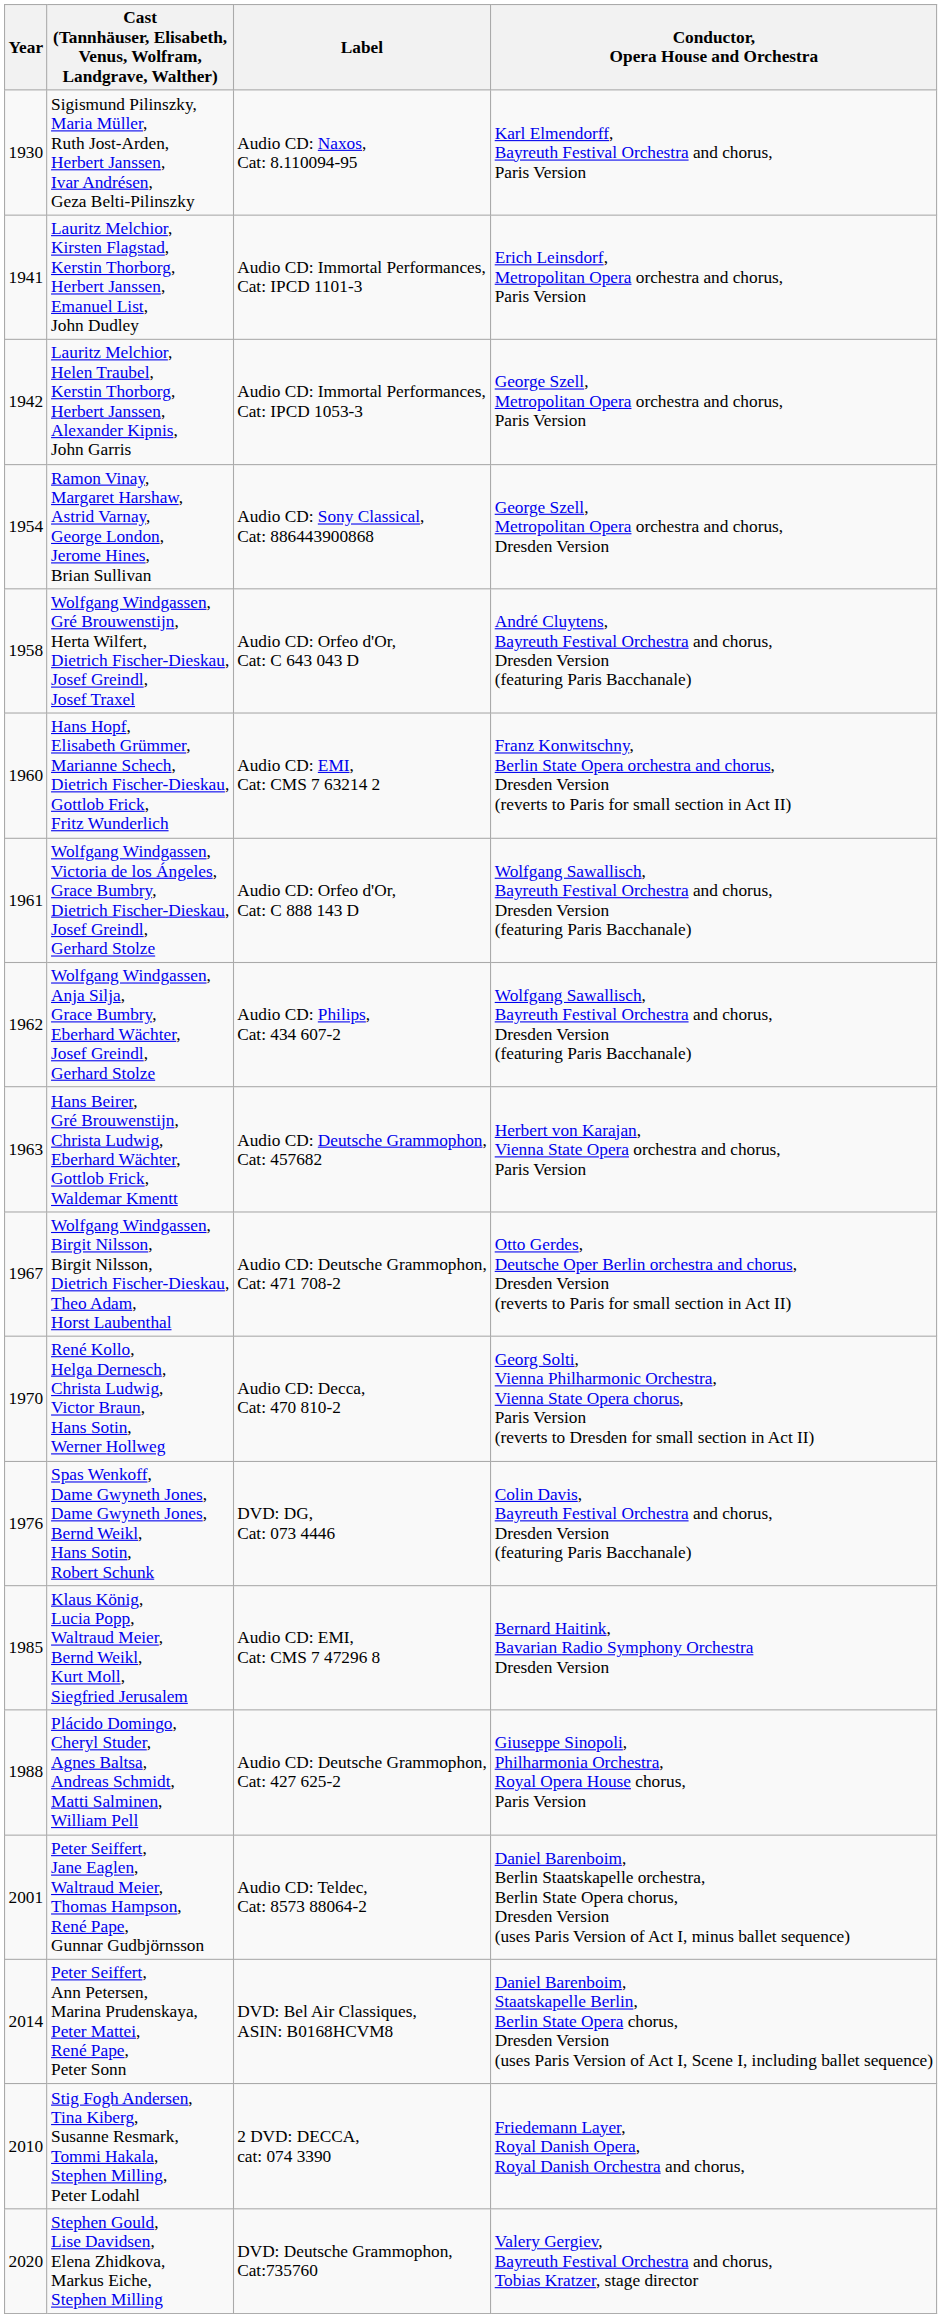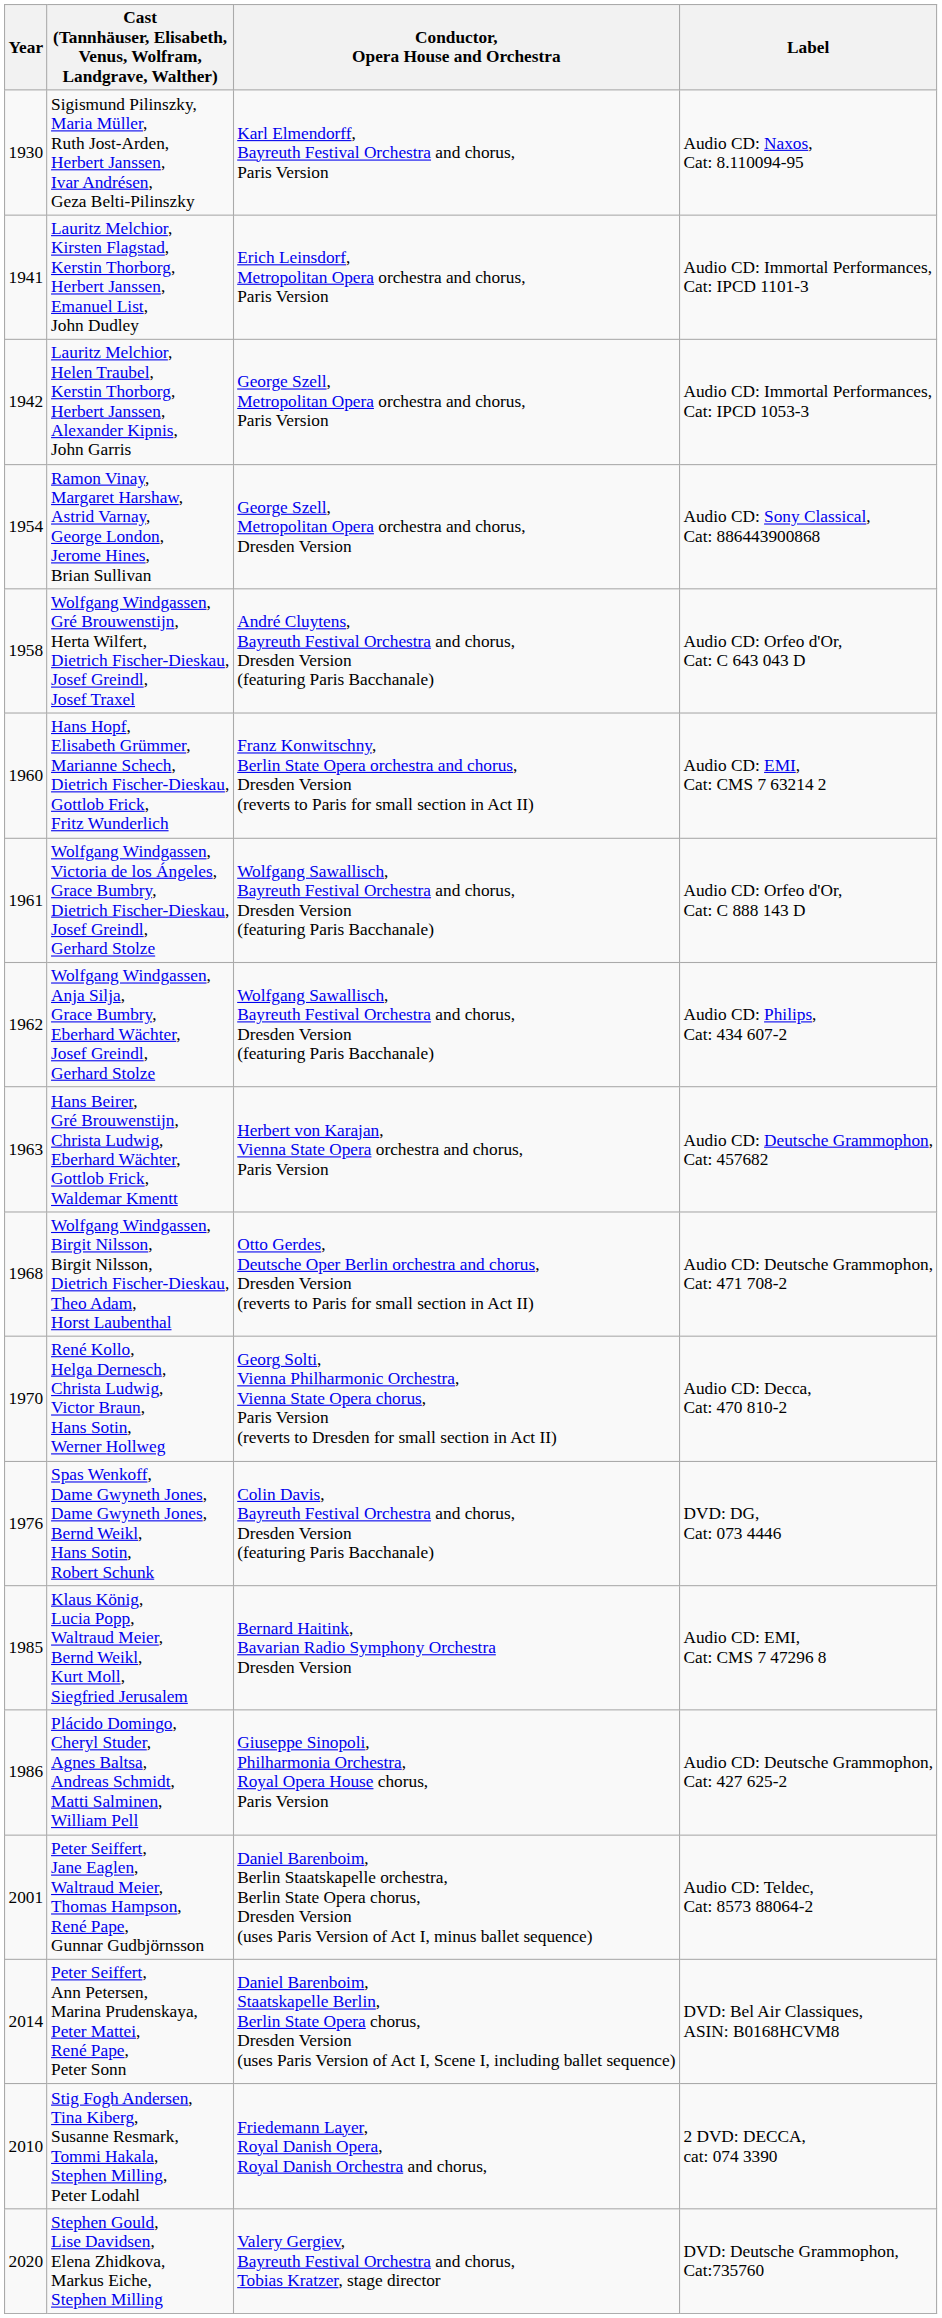 <table class="wikitable">
 <tr>
 <th>Year</th>
 <th>Cast<br>(Tannhäuser, Elisabeth,<br>Venus, Wolfram,<br>Landgrave, Walther)</th>
+<th>Conductor,<br>Opera House and Orchestra</th>
 <th>Label</th>
-<th>Conductor,<br>Opera House and Orchestra</th>
 </tr>
 <tr>
 <td>1930</td>
 <td>Sigismund Pilinszky,<br><a href='#'>Maria Müller</a>,<br>Ruth Jost-Arden,<br><a href='#'>Herbert Janssen</a>,<br><a href='#'>Ivar Andrésen</a>,<br>Geza Belti-Pilinszky</td>
+<td><a href='#'>Karl Elmendorff</a>,<br><a href='#'>Bayreuth Festival Orchestra</a> and chorus,<br>Paris Version</td>
 <td>Audio CD: <a href='#'>Naxos</a>,<br>Cat: 8.110094-95</td>
-<td><a href='#'>Karl Elmendorff</a>,<br><a href='#'>Bayreuth Festival Orchestra</a> and chorus,<br>Paris Version</td>
 </tr>
 <tr>
 <td>1941</td>
 <td><a href='#'>Lauritz Melchior</a>,<br><a href='#'>Kirsten Flagstad</a>,<br><a href='#'>Kerstin Thorborg</a>,<br><a href='#'>Herbert Janssen</a>,<br><a href='#'>Emanuel List</a>,<br>John Dudley</td>
+<td><a href='#'>Erich Leinsdorf</a>,<br><a href='#'>Metropolitan Opera</a> orchestra and chorus,<br>Paris Version</td>
 <td>Audio CD: Immortal Performances,<br>Cat: IPCD 1101-3</td>
-<td><a href='#'>Erich Leinsdorf</a>,<br><a href='#'>Metropolitan Opera</a> orchestra and chorus,<br>Paris Version</td>
 </tr>
 <tr>
 <td>1942</td>
 <td><a href='#'>Lauritz Melchior</a>,<br><a href='#'>Helen Traubel</a>,<br><a href='#'>Kerstin Thorborg</a>,<br><a href='#'>Herbert Janssen</a>,<br><a href='#'>Alexander Kipnis</a>,<br>John Garris</td>
+<td><a href='#'>George Szell</a>,<br><a href='#'>Metropolitan Opera</a> orchestra and chorus,<br>Paris Version</td>
 <td>Audio CD: Immortal Performances,<br>Cat: IPCD 1053-3</td>
-<td><a href='#'>George Szell</a>,<br><a href='#'>Metropolitan Opera</a> orchestra and chorus,<br>Paris Version</td>
 </tr>
 <tr>
 <td>1954</td>
 <td><a href='#'>Ramon Vinay</a>,<br><a href='#'>Margaret Harshaw</a>,<br><a href='#'>Astrid Varnay</a>,<br><a href='#'>George London</a>,<br><a href='#'>Jerome Hines</a>,<br>Brian Sullivan</td>
+<td><a href='#'>George Szell</a>,<br><a href='#'>Metropolitan Opera</a> orchestra and chorus,<br>Dresden Version</td>
 <td>Audio CD: <a href='#'>Sony Classical</a>,<br>Cat: 886443900868</td>
-<td><a href='#'>George Szell</a>,<br><a href='#'>Metropolitan Opera</a> orchestra and chorus,<br>Dresden Version</td>
 </tr>
 <tr>
 <td>1958</td>
 <td><a href='#'>Wolfgang Windgassen</a>,<br><a href='#'>Gré Brouwenstijn</a>,<br>Herta Wilfert,<br><a href='#'>Dietrich Fischer-Dieskau</a>,<br><a href='#'>Josef Greindl</a>,<br><a href='#'>Josef Traxel</a></td>
+<td><a href='#'>André Cluytens</a>,<br><a href='#'>Bayreuth Festival Orchestra</a> and chorus,<br>Dresden Version<br>(featuring Paris Bacchanale)</td>
 <td>Audio CD: Orfeo d'Or, <br>Cat: C 643 043 D</td>
-<td><a href='#'>André Cluytens</a>,<br><a href='#'>Bayreuth Festival Orchestra</a> and chorus,<br>Dresden Version<br>(featuring Paris Bacchanale)</td>
 </tr>
 <tr>
 <td>1960</td>
 <td><a href='#'>Hans Hopf</a>,<br><a href='#'>Elisabeth Grümmer</a>,<br><a href='#'>Marianne Schech</a>,<br><a href='#'>Dietrich Fischer-Dieskau</a>,<br> <a href='#'>Gottlob Frick</a>,<br><a href='#'>Fritz Wunderlich</a></td>
+<td><a href='#'>Franz Konwitschny</a>,<br><a href='#'>Berlin State Opera orchestra and chorus</a>,<br> Dresden Version<br>(reverts to Paris for small section in Act II)</td>
 <td>Audio CD: <a href='#'>EMI</a>,<br>Cat: CMS 7 63214 2</td>
-<td><a href='#'>Franz Konwitschny</a>,<br><a href='#'>Berlin State Opera orchestra and chorus</a>,<br> Dresden Version<br>(reverts to Paris for small section in Act II)</td>
 </tr>
 <tr>
 <td>1961</td>
 <td><a href='#'>Wolfgang Windgassen</a>,<br><a href='#'>Victoria de los Ángeles</a>,<br><a href='#'>Grace Bumbry</a>,<br><a href='#'>Dietrich Fischer-Dieskau</a>,<br><a href='#'>Josef Greindl</a>,<br><a href='#'>Gerhard Stolze</a></td>
+<td><a href='#'>Wolfgang Sawallisch</a>,<br><a href='#'>Bayreuth Festival Orchestra</a> and chorus,<br>Dresden Version<br>(featuring Paris Bacchanale)</td>
 <td>Audio CD: Orfeo d'Or,<br>Cat:  C 888 143 D</td>
-<td><a href='#'>Wolfgang Sawallisch</a>,<br><a href='#'>Bayreuth Festival Orchestra</a> and chorus,<br>Dresden Version<br>(featuring Paris Bacchanale)</td>
 </tr>
 <tr>
 <td>1962</td>
 <td><a href='#'>Wolfgang Windgassen</a>,<br><a href='#'>Anja Silja</a>,<br><a href='#'>Grace Bumbry</a>,<br><a href='#'>Eberhard Wächter</a>,<br><a href='#'>Josef Greindl</a>,<br><a href='#'>Gerhard Stolze</a></td>
+<td><a href='#'>Wolfgang Sawallisch</a>,<br><a href='#'>Bayreuth Festival Orchestra</a> and chorus,<br>Dresden Version<br>(featuring Paris Bacchanale)</td>
 <td>Audio CD: <a href='#'>Philips</a>,<br>Cat: 434 607-2</td>
-<td><a href='#'>Wolfgang Sawallisch</a>,<br><a href='#'>Bayreuth Festival Orchestra</a> and chorus,<br>Dresden Version<br>(featuring Paris Bacchanale)</td>
 </tr>
 <tr>
 <td>1963</td>
 <td><a href='#'>Hans Beirer</a>,<br><a href='#'>Gré Brouwenstijn</a>,<br><a href='#'>Christa Ludwig</a>,<br><a href='#'>Eberhard Wächter</a>,<br><a href='#'>Gottlob Frick</a>,<br><a href='#'>Waldemar Kmentt</a></td>
+<td><a href='#'>Herbert von Karajan</a>,<br><a href='#'>Vienna State Opera</a> orchestra and chorus,<br>Paris Version</td>
 <td>Audio CD: <a href='#'>Deutsche Grammophon</a>,<br>Cat: 457682</td>
-<td><a href='#'>Herbert von Karajan</a>,<br><a href='#'>Vienna State Opera</a> orchestra and chorus,<br>Paris Version</td>
 </tr>
 <tr>
-<td>1967</td>
+<td>1968</td>
 <td><a href='#'>Wolfgang Windgassen</a>,<br><a href='#'>Birgit Nilsson</a>,<br>Birgit Nilsson,<br><a href='#'>Dietrich Fischer-Dieskau</a>,<br><a href='#'>Theo Adam</a>,<br><a href='#'>Horst Laubenthal</a></td>
+<td><a href='#'>Otto Gerdes</a>,<br><a href='#'>Deutsche Oper Berlin orchestra and chorus</a>,<br>Dresden Version<br>(reverts to Paris for small section in Act II)</td>
 <td>Audio CD: Deutsche Grammophon,<br>Cat: 471 708-2</td>
-<td><a href='#'>Otto Gerdes</a>,<br><a href='#'>Deutsche Oper Berlin orchestra and chorus</a>,<br>Dresden Version<br>(reverts to Paris for small section in Act II)</td>
 </tr>
 <tr>
 <td>1970</td>
 <td><a href='#'>René Kollo</a>,<br><a href='#'>Helga Dernesch</a>,<br><a href='#'>Christa Ludwig</a>,<br><a href='#'>Victor Braun</a>,<br><a href='#'>Hans Sotin</a>,<br><a href='#'>Werner Hollweg</a></td>
+<td><a href='#'>Georg Solti</a>,<br><a href='#'>Vienna Philharmonic Orchestra</a>,<br><a href='#'>Vienna State Opera chorus</a>,<br>Paris Version<br>(reverts to Dresden for small section in Act II)</td>
 <td>Audio CD: Decca,<br>Cat: 470 810-2</td>
-<td><a href='#'>Georg Solti</a>,<br><a href='#'>Vienna Philharmonic Orchestra</a>,<br><a href='#'>Vienna State Opera chorus</a>,<br>Paris Version<br>(reverts to Dresden for small section in Act II)</td>
 </tr>
 <tr>
 <td>1976</td>
 <td><a href='#'>Spas Wenkoff</a>,<br><a href='#'>Dame Gwyneth Jones</a>,<br><a href='#'>Dame Gwyneth Jones</a>,<br><a href='#'>Bernd Weikl</a>,<br><a href='#'>Hans Sotin</a>,<br><a href='#'>Robert Schunk</a></td>
+<td><a href='#'>Colin Davis</a>,<br><a href='#'>Bayreuth Festival Orchestra</a> and chorus,<br>Dresden Version<br>(featuring Paris Bacchanale)</td>
 <td>DVD: DG,<br>Cat: 073 4446</td>
-<td><a href='#'>Colin Davis</a>,<br><a href='#'>Bayreuth Festival Orchestra</a> and chorus,<br>Dresden Version<br>(featuring Paris Bacchanale)</td>
 </tr>
 <tr>
 <td>1985</td>
 <td><a href='#'>Klaus König</a>,<br><a href='#'>Lucia Popp</a>,<br><a href='#'>Waltraud Meier</a>,<br><a href='#'>Bernd Weikl</a>,<br><a href='#'>Kurt Moll</a>,<br><a href='#'>Siegfried Jerusalem</a></td>
+<td><a href='#'>Bernard Haitink</a>,<br><a href='#'>Bavarian Radio Symphony Orchestra</a><br>Dresden Version</td>
 <td>Audio CD: EMI,<br>Cat: CMS 7 47296 8</td>
-<td><a href='#'>Bernard Haitink</a>,<br><a href='#'>Bavarian Radio Symphony Orchestra</a><br>Dresden Version</td>
 </tr>
 <tr>
-<td>1988</td>
+<td>1986</td>
 <td><a href='#'>Plácido Domingo</a>,<br><a href='#'>Cheryl Studer</a>,<br><a href='#'>Agnes Baltsa</a>,<br><a href='#'>Andreas Schmidt</a>,<br><a href='#'>Matti Salminen</a>,<br><a href='#'>William Pell</a></td>
+<td><a href='#'>Giuseppe Sinopoli</a>,<br><a href='#'>Philharmonia Orchestra</a>,<br><a href='#'>Royal Opera House</a> chorus,<br>Paris Version</td>
 <td>Audio CD: Deutsche Grammophon,<br>Cat: 427 625-2</td>
-<td><a href='#'>Giuseppe Sinopoli</a>,<br><a href='#'>Philharmonia Orchestra</a>,<br><a href='#'>Royal Opera House</a> chorus,<br>Paris Version</td>
 </tr>
 <tr>
 <td>2001</td>
 <td><a href='#'>Peter Seiffert</a>,<br><a href='#'>Jane Eaglen</a>,<br><a href='#'>Waltraud Meier</a>,<br><a href='#'>Thomas Hampson</a>,<br><a href='#'>René Pape</a>,<br> Gunnar Gudbjörnsson</td>
+<td><a href='#'>Daniel Barenboim</a>,<br>Berlin Staatskapelle orchestra,<br>Berlin State Opera chorus,<br>Dresden Version<br>(uses Paris Version of Act I, minus ballet sequence)</td>
 <td>Audio CD: Teldec,<br>Cat: 8573 88064-2</td>
-<td><a href='#'>Daniel Barenboim</a>,<br>Berlin Staatskapelle orchestra,<br>Berlin State Opera chorus,<br>Dresden Version<br>(uses Paris Version of Act I, minus ballet sequence)</td>
 </tr>
 <tr>
 <td>2014</td>
 <td><a href='#'>Peter Seiffert</a>,<br>Ann Petersen,<br>Marina Prudenskaya,<br><a href='#'>Peter Mattei</a>,<br><a href='#'>René Pape</a>,<br> Peter Sonn</td>
+<td><a href='#'>Daniel Barenboim</a>,<br><a href='#'>Staatskapelle Berlin</a>,<br><a href='#'>Berlin State Opera</a> chorus,<br>Dresden Version<br>(uses Paris Version of Act I, Scene I, including ballet sequence)</td>
 <td>DVD: Bel Air Classiques,<br>ASIN: B0168HCVM8</td>
-<td><a href='#'>Daniel Barenboim</a>,<br><a href='#'>Staatskapelle Berlin</a>,<br><a href='#'>Berlin State Opera</a> chorus,<br>Dresden Version<br>(uses Paris Version of Act I, Scene I, including ballet sequence)</td>
 </tr>
 <tr>
 <td>2010</td>
 <td><a href='#'>Stig Fogh Andersen</a>,<br><a href='#'>Tina Kiberg</a>,<br>Susanne Resmark,<br><a href='#'>Tommi Hakala</a>,<br><a href='#'>Stephen Milling</a>,<br>Peter Lodahl</td>
+<td><a href='#'>Friedemann Layer</a>,<br><a href='#'>Royal Danish Opera</a>, <br><a href='#'>Royal Danish Orchestra</a> and chorus,<br></td>
 <td>2 DVD: DECCA,<br>cat: 074 3390</td>
-<td><a href='#'>Friedemann Layer</a>,<br><a href='#'>Royal Danish Opera</a>, <br><a href='#'>Royal Danish Orchestra</a> and chorus,<br></td>
 </tr>
 <tr>
 <td>2020</td>
 <td><a href='#'>Stephen Gould</a>,<br><a href='#'>Lise Davidsen</a>,<br>Elena Zhidkova,<br>Markus Eiche, <br><a href='#'>Stephen Milling</a></td>
+<td><a href='#'>Valery Gergiev</a>,<br> <a href='#'>Bayreuth Festival Orchestra</a> and chorus,<br><a href='#'>Tobias Kratzer</a>, stage director</td>
 <td>DVD: Deutsche Grammophon, <br> Cat:735760</td>
-<td><a href='#'>Valery Gergiev</a>,<br> <a href='#'>Bayreuth Festival Orchestra</a> and chorus,<br><a href='#'>Tobias Kratzer</a>, stage director</td>
 </tr>
 </table>
